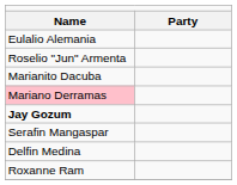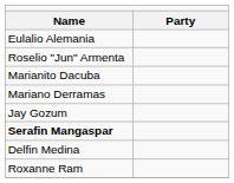 <table class=wikitable style="font-size:90%">
 <tr>
 <td colspan=4 bgcolor=></td>
 </tr>
 <tr>
 <th width=150px>Name</th>
 <th colspan=2 width=110px>Party</th>
 </tr>
 <tr>
 <td>Eulalio Alemania</td>
 <td></td>
 </tr>
 <tr>
 <td>Roselio "Jun" Armenta</td>
 <td></td>
 </tr>
 <tr>
 <td>Marianito Dacuba</td>
 <td></td>
 </tr>
 <tr>
-<td style="background: pink;">Mariano Derramas</td>
+<td>Mariano Derramas</td>
 <td></td>
 </tr>
 <tr>
-<td><strong>Jay Gozum</strong></td>
+<td>Jay Gozum</td>
 <td></td>
 </tr>
 <tr>
-<td>Serafin Mangaspar</td>
+<td><strong>Serafin Mangaspar</strong></td>
 <td></td>
 </tr>
 <tr>
 <td>Delfin Medina</td>
 <td></td>
 </tr>
 <tr>
 <td>Roxanne Ram</td>
 <td></td>
 </tr>
 <tr>
 </tr>
 </table>
